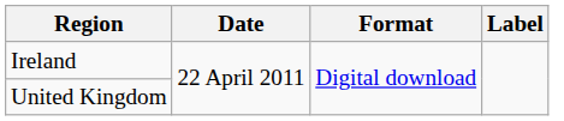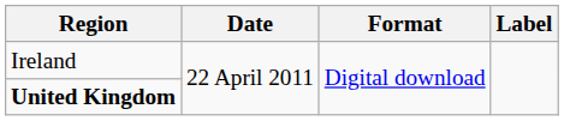 <table class=wikitable>
 <tr>
 <th>Region</th>
 <th>Date</th>
 <th>Format</th>
 <th>Label</th>
 </tr>
 <tr>
 <td>Ireland</td>
 <td rowspan="2">22 April 2011</td>
 <td rowspan="2"><a href='#'>Digital download</a></td>
 <td rowspan="2"></td>
 </tr>
 <tr>
-<td>United Kingdom</td>
+<td><strong>United Kingdom</strong></td>
 </tr>
 </table>
